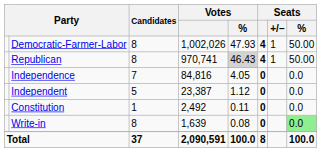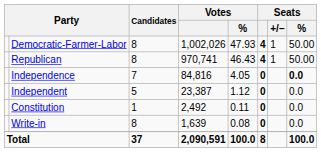 <table class="wikitable" style="font-size: 95%;">
 <tr>
 <th colspan="2" rowspan="2">Party</th>
 <th rowspan="2"><small>Candi</small><small>dates</small></th>
 <th colspan="2">Votes</th>
 <th colspan="3">Seats</th>
 </tr>
 <tr>
 <th></th>
 <th>%</th>
 <th></th>
 <th>+/–</th>
 <th>%</th>
 </tr>
 <tr>
 <td style="background:"></td>
 <td align="left"><a href='#'>Democratic-Farmer-Labor</a></td>
 <td>8</td>
 <td>1,002,026</td>
 <td>47.93</td>
 <td><strong>4</strong></td>
 <td> 1</td>
 <td>50.00</td>
 </tr>
 <tr>
 <td style="background:"></td>
 <td align="left"><a href='#'>Republican</a></td>
 <td>8</td>
 <td>970,741</td>
-<td style="background: lightgrey;">46.43</td>
+<td>46.43</td>
 <td><strong>4</strong></td>
 <td> 1</td>
 <td>50.00</td>
 </tr>
 <tr>
 <td style="background:"></td>
 <td align="left"><a href='#'>Independence</a></td>
 <td>7</td>
 <td>84,816</td>
 <td>4.05</td>
 <td><strong>0</strong></td>
 <td></td>
-<td>0.0</td>
+<td><strong>0.0</strong></td>
 </tr>
 <tr>
 <td style="background:"></td>
 <td align="left"><a href='#'>Independent</a></td>
 <td>5</td>
 <td>23,387</td>
 <td>1.12</td>
 <td><strong>0</strong></td>
 <td></td>
 <td>0.0</td>
 </tr>
 <tr>
 <td style="background:"></td>
 <td align="left"><a href='#'>Constitution</a></td>
 <td>1</td>
 <td>2,492</td>
 <td>0.11</td>
 <td><strong>0</strong></td>
 <td></td>
 <td>0.0</td>
 </tr>
 <tr>
 <td style="background:"></td>
 <td align="left"><a href='#'>Write-in</a></td>
 <td>8</td>
 <td>1,639</td>
 <td>0.08</td>
 <td><strong>0</strong></td>
 <td></td>
-<td style="background: lightgreen;">0.0</td>
+<td>0.0</td>
 </tr>
 <tr>
 </tr>
 <tr style="font-weight:bold">
 <td colspan="2" align="left">Total</td>
 <td>37</td>
 <td>2,090,591</td>
 <td>100.0</td>
 <td>8</td>
 <td></td>
 <td>100.0</td>
 </tr>
 </table>
